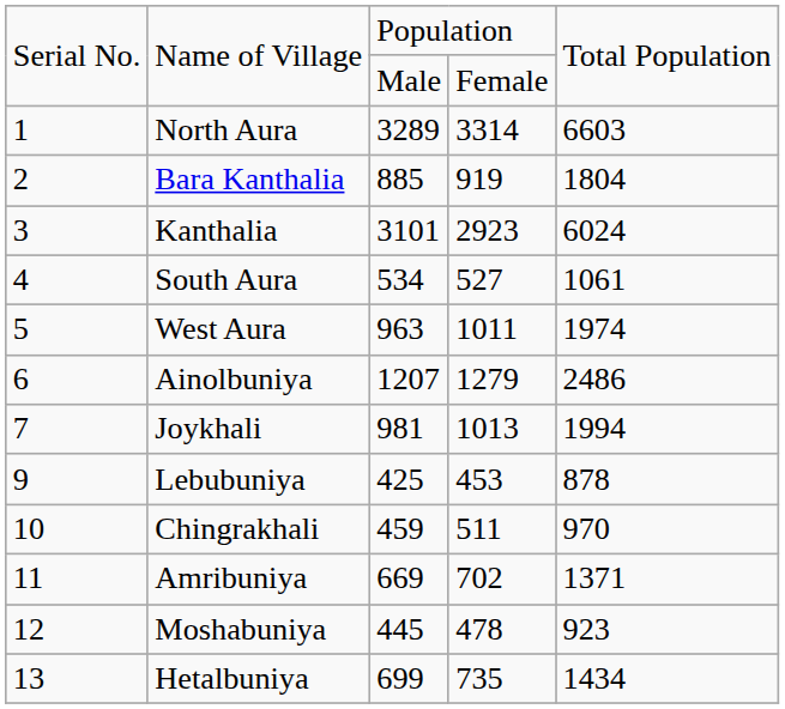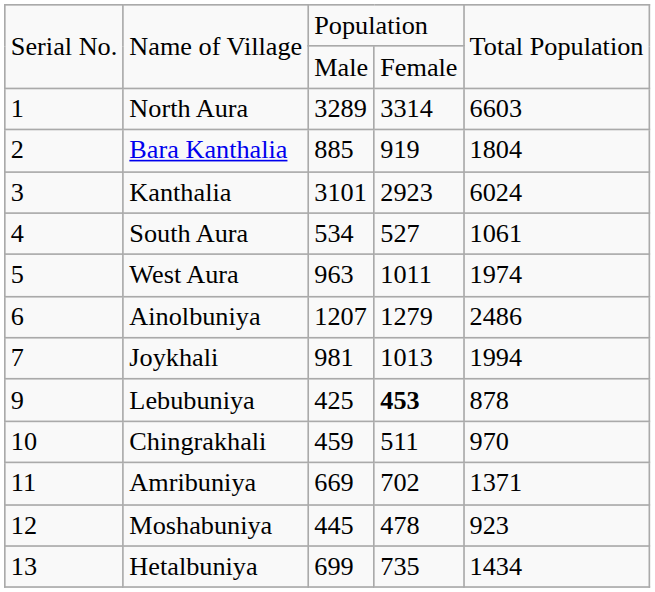 <table class="wikitable">
 <tr>
 <td rowspan="2">Serial No.</td>
 <td rowspan="2">Name of Village</td>
 <td colspan="2">Population</td>
 <td rowspan="2">Total Population</td>
 </tr>
 <tr>
 <td>Male</td>
 <td>Female</td>
 </tr>
 <tr>
 <td>1</td>
 <td>North Aura</td>
 <td>3289</td>
 <td>3314</td>
 <td>6603</td>
 </tr>
 <tr>
 <td>2</td>
 <td><a href='#'>Bara Kanthalia</a></td>
 <td>885</td>
 <td>919</td>
 <td>1804</td>
 </tr>
 <tr>
 <td>3</td>
 <td>Kanthalia</td>
 <td>3101</td>
 <td>2923</td>
 <td>6024</td>
 </tr>
 <tr>
 <td>4</td>
 <td>South Aura</td>
 <td>534</td>
 <td>527</td>
 <td>1061</td>
 </tr>
 <tr>
 <td>5</td>
 <td>West Aura</td>
 <td>963</td>
 <td>1011</td>
 <td>1974</td>
 </tr>
 <tr>
 <td>6</td>
 <td>Ainolbuniya</td>
 <td>1207</td>
 <td>1279</td>
 <td>2486</td>
 </tr>
 <tr>
 <td>7</td>
 <td>Joykhali</td>
 <td>981</td>
 <td>1013</td>
 <td>1994</td>
 </tr>
 <tr>
 <td>9</td>
 <td>Lebubuniya</td>
 <td>425</td>
-<td>453</td>
+<td><strong>453</strong></td>
 <td>878</td>
 </tr>
 <tr>
 <td>10</td>
 <td>Chingrakhali</td>
 <td>459</td>
 <td>511</td>
 <td>970</td>
 </tr>
 <tr>
 <td>11</td>
 <td>Amribuniya</td>
 <td>669</td>
 <td>702</td>
 <td>1371</td>
 </tr>
 <tr>
 <td>12</td>
 <td>Moshabuniya</td>
 <td>445</td>
 <td>478</td>
 <td>923</td>
 </tr>
 <tr>
 <td>13</td>
 <td>Hetalbuniya</td>
 <td>699</td>
 <td>735</td>
 <td>1434</td>
 </tr>
 </table>
